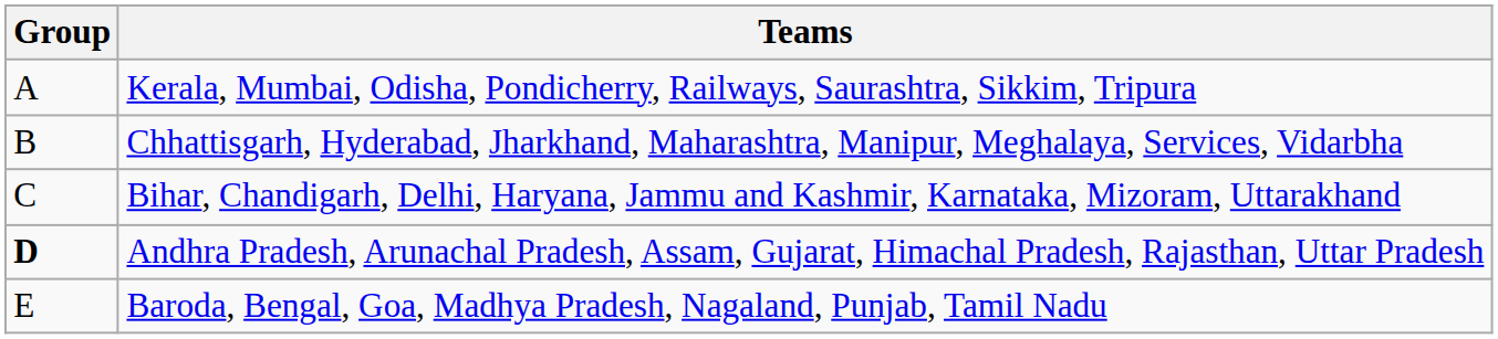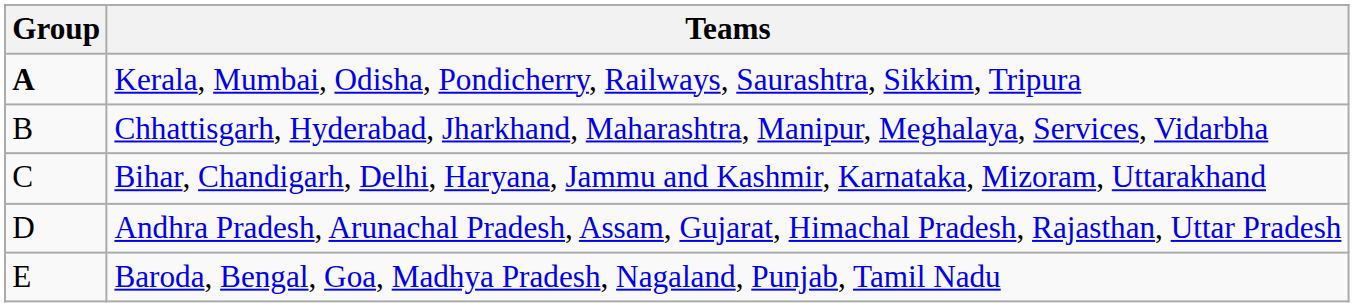 <table class="wikitable">
 <tr>
 <th>Group</th>
 <th>Teams</th>
 </tr>
 <tr>
-<td>A</td>
+<td><strong>A</strong></td>
 <td><a href='#'>Kerala</a>, <a href='#'>Mumbai</a>, <a href='#'>Odisha</a>, <a href='#'>Pondicherry</a>, <a href='#'>Railways</a>, <a href='#'>Saurashtra</a>, <a href='#'>Sikkim</a>, <a href='#'>Tripura</a></td>
 </tr>
 <tr>
 <td>B</td>
 <td><a href='#'>Chhattisgarh</a>, <a href='#'>Hyderabad</a>, <a href='#'>Jharkhand</a>, <a href='#'>Maharashtra</a>, <a href='#'>Manipur</a>, <a href='#'>Meghalaya</a>, <a href='#'>Services</a>, <a href='#'>Vidarbha</a></td>
 </tr>
 <tr>
 <td>C</td>
 <td><a href='#'>Bihar</a>, <a href='#'>Chandigarh</a>, <a href='#'>Delhi</a>, <a href='#'>Haryana</a>, <a href='#'>Jammu and Kashmir</a>, <a href='#'>Karnataka</a>, <a href='#'>Mizoram</a>, <a href='#'>Uttarakhand</a></td>
 </tr>
 <tr>
-<td><strong>D</strong></td>
+<td>D</td>
 <td><a href='#'>Andhra Pradesh</a>, <a href='#'>Arunachal Pradesh</a>, <a href='#'>Assam</a>, <a href='#'>Gujarat</a>, <a href='#'>Himachal Pradesh</a>, <a href='#'>Rajasthan</a>, <a href='#'>Uttar Pradesh</a></td>
 </tr>
 <tr>
 <td>E</td>
 <td><a href='#'>Baroda</a>, <a href='#'>Bengal</a>, <a href='#'>Goa</a>, <a href='#'>Madhya Pradesh</a>, <a href='#'>Nagaland</a>, <a href='#'>Punjab</a>, <a href='#'>Tamil Nadu</a></td>
 </tr>
 </table>
